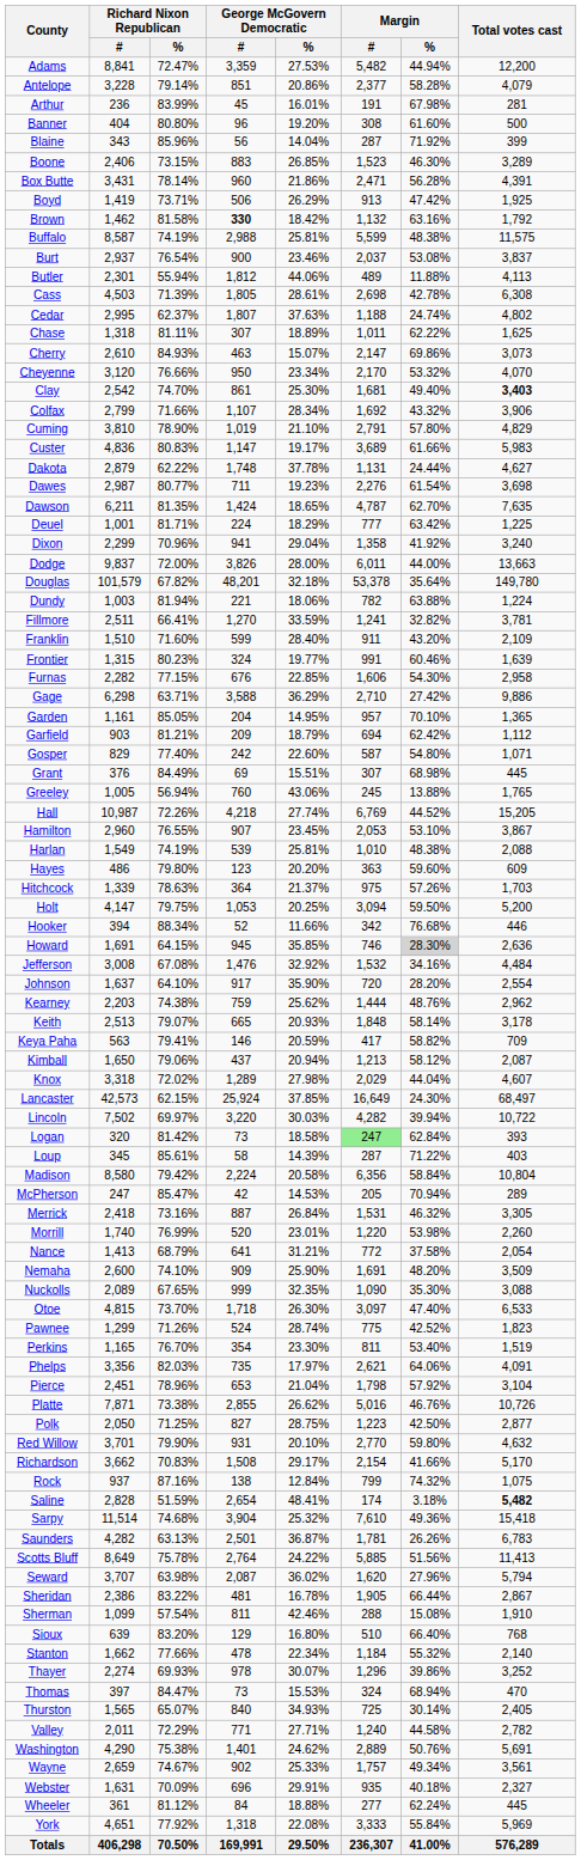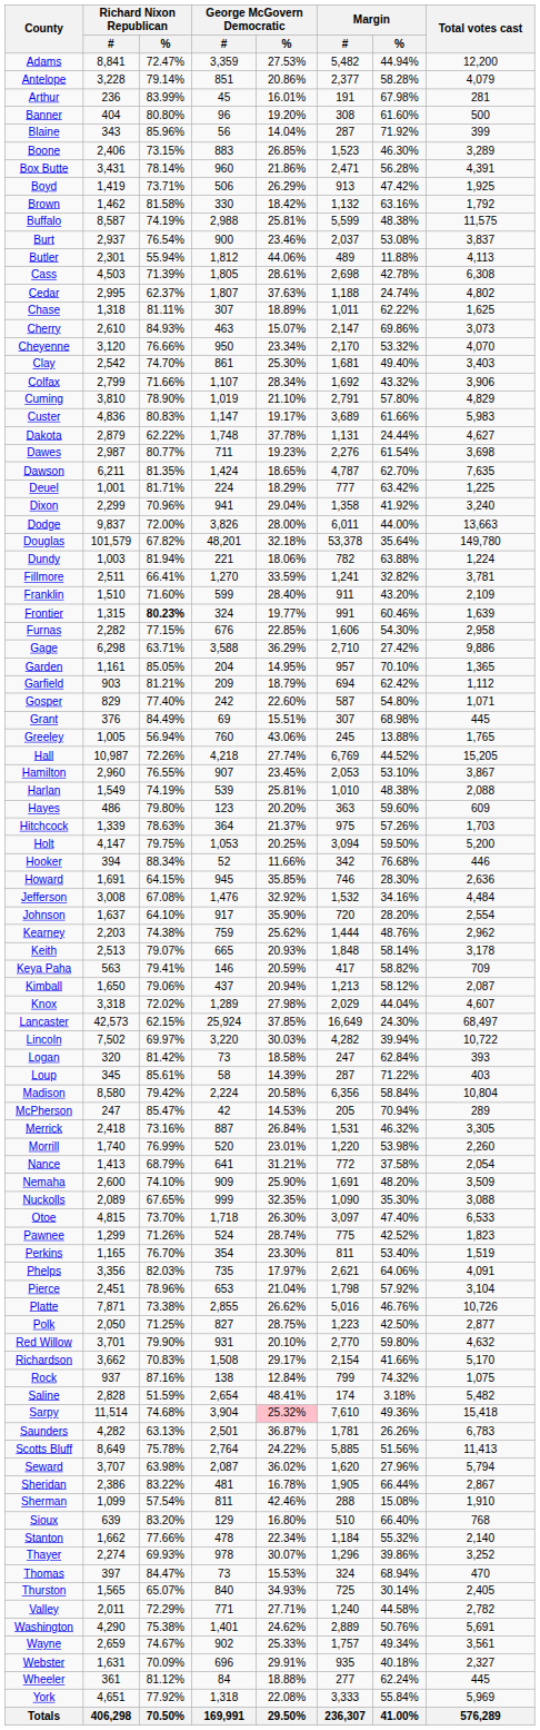 <table class="wikitable sortable" width="60%">
 <tr>
 <th rowspan="2">County</th>
 <th colspan="2">Richard Nixon<br>Republican</th>
 <th colspan="2">George McGovern<br>Democratic</th>
 <th colspan="2">Margin</th>
 <th rowspan="2">Total votes cast</th>
 </tr>
 <tr>
 <th data-sort-type="number">#</th>
 <th data-sort-type="number">%</th>
 <th data-sort-type="number">#</th>
 <th data-sort-type="number">%</th>
 <th data-sort-type="number">#</th>
 <th data-sort-type="number">%</th>
 </tr>
 <tr style="text-align:center;">
 <td><a href='#'>Adams</a></td>
 <td>8,841</td>
 <td>72.47%</td>
 <td>3,359</td>
 <td>27.53%</td>
 <td>5,482</td>
 <td>44.94%</td>
 <td>12,200</td>
 </tr>
 <tr style="text-align:center;">
 <td><a href='#'>Antelope</a></td>
 <td>3,228</td>
 <td>79.14%</td>
 <td>851</td>
 <td>20.86%</td>
 <td>2,377</td>
 <td>58.28%</td>
 <td>4,079</td>
 </tr>
 <tr style="text-align:center;">
 <td><a href='#'>Arthur</a></td>
 <td>236</td>
 <td>83.99%</td>
 <td>45</td>
 <td>16.01%</td>
 <td>191</td>
 <td>67.98%</td>
 <td>281</td>
 </tr>
 <tr style="text-align:center;">
 <td><a href='#'>Banner</a></td>
 <td>404</td>
 <td>80.80%</td>
 <td>96</td>
 <td>19.20%</td>
 <td>308</td>
 <td>61.60%</td>
 <td>500</td>
 </tr>
 <tr style="text-align:center;">
 <td><a href='#'>Blaine</a></td>
 <td>343</td>
 <td>85.96%</td>
 <td>56</td>
 <td>14.04%</td>
 <td>287</td>
 <td>71.92%</td>
 <td>399</td>
 </tr>
 <tr style="text-align:center;">
 <td><a href='#'>Boone</a></td>
 <td>2,406</td>
 <td>73.15%</td>
 <td>883</td>
 <td>26.85%</td>
 <td>1,523</td>
 <td>46.30%</td>
 <td>3,289</td>
 </tr>
 <tr style="text-align:center;">
 <td><a href='#'>Box Butte</a></td>
 <td>3,431</td>
 <td>78.14%</td>
 <td>960</td>
 <td>21.86%</td>
 <td>2,471</td>
 <td>56.28%</td>
 <td>4,391</td>
 </tr>
 <tr style="text-align:center;">
 <td><a href='#'>Boyd</a></td>
 <td>1,419</td>
 <td>73.71%</td>
 <td>506</td>
 <td>26.29%</td>
 <td>913</td>
 <td>47.42%</td>
 <td>1,925</td>
 </tr>
 <tr style="text-align:center;">
 <td><a href='#'>Brown</a></td>
 <td>1,462</td>
 <td>81.58%</td>
-<td><strong>330</strong></td>
+<td>330</td>
 <td>18.42%</td>
 <td>1,132</td>
 <td>63.16%</td>
 <td>1,792</td>
 </tr>
 <tr style="text-align:center;">
 <td><a href='#'>Buffalo</a></td>
 <td>8,587</td>
 <td>74.19%</td>
 <td>2,988</td>
 <td>25.81%</td>
 <td>5,599</td>
 <td>48.38%</td>
 <td>11,575</td>
 </tr>
 <tr style="text-align:center;">
 <td><a href='#'>Burt</a></td>
 <td>2,937</td>
 <td>76.54%</td>
 <td>900</td>
 <td>23.46%</td>
 <td>2,037</td>
 <td>53.08%</td>
 <td>3,837</td>
 </tr>
 <tr style="text-align:center;">
 <td><a href='#'>Butler</a></td>
 <td>2,301</td>
 <td>55.94%</td>
 <td>1,812</td>
 <td>44.06%</td>
 <td>489</td>
 <td>11.88%</td>
 <td>4,113</td>
 </tr>
 <tr style="text-align:center;">
 <td><a href='#'>Cass</a></td>
 <td>4,503</td>
 <td>71.39%</td>
 <td>1,805</td>
 <td>28.61%</td>
 <td>2,698</td>
 <td>42.78%</td>
 <td>6,308</td>
 </tr>
 <tr style="text-align:center;">
 <td><a href='#'>Cedar</a></td>
 <td>2,995</td>
 <td>62.37%</td>
 <td>1,807</td>
 <td>37.63%</td>
 <td>1,188</td>
 <td>24.74%</td>
 <td>4,802</td>
 </tr>
 <tr style="text-align:center;">
 <td><a href='#'>Chase</a></td>
 <td>1,318</td>
 <td>81.11%</td>
 <td>307</td>
 <td>18.89%</td>
 <td>1,011</td>
 <td>62.22%</td>
 <td>1,625</td>
 </tr>
 <tr style="text-align:center;">
 <td><a href='#'>Cherry</a></td>
 <td>2,610</td>
 <td>84.93%</td>
 <td>463</td>
 <td>15.07%</td>
 <td>2,147</td>
 <td>69.86%</td>
 <td>3,073</td>
 </tr>
 <tr style="text-align:center;">
 <td><a href='#'>Cheyenne</a></td>
 <td>3,120</td>
 <td>76.66%</td>
 <td>950</td>
 <td>23.34%</td>
 <td>2,170</td>
 <td>53.32%</td>
 <td>4,070</td>
 </tr>
 <tr style="text-align:center;">
 <td><a href='#'>Clay</a></td>
 <td>2,542</td>
 <td>74.70%</td>
 <td>861</td>
 <td>25.30%</td>
 <td>1,681</td>
 <td>49.40%</td>
-<td><strong>3,403</strong></td>
+<td>3,403</td>
 </tr>
 <tr style="text-align:center;">
 <td><a href='#'>Colfax</a></td>
 <td>2,799</td>
 <td>71.66%</td>
 <td>1,107</td>
 <td>28.34%</td>
 <td>1,692</td>
 <td>43.32%</td>
 <td>3,906</td>
 </tr>
 <tr style="text-align:center;">
 <td><a href='#'>Cuming</a></td>
 <td>3,810</td>
 <td>78.90%</td>
 <td>1,019</td>
 <td>21.10%</td>
 <td>2,791</td>
 <td>57.80%</td>
 <td>4,829</td>
 </tr>
 <tr style="text-align:center;">
 <td><a href='#'>Custer</a></td>
 <td>4,836</td>
 <td>80.83%</td>
 <td>1,147</td>
 <td>19.17%</td>
 <td>3,689</td>
 <td>61.66%</td>
 <td>5,983</td>
 </tr>
 <tr style="text-align:center;">
 <td><a href='#'>Dakota</a></td>
 <td>2,879</td>
 <td>62.22%</td>
 <td>1,748</td>
 <td>37.78%</td>
 <td>1,131</td>
 <td>24.44%</td>
 <td>4,627</td>
 </tr>
 <tr style="text-align:center;">
 <td><a href='#'>Dawes</a></td>
 <td>2,987</td>
 <td>80.77%</td>
 <td>711</td>
 <td>19.23%</td>
 <td>2,276</td>
 <td>61.54%</td>
 <td>3,698</td>
 </tr>
 <tr style="text-align:center;">
 <td><a href='#'>Dawson</a></td>
 <td>6,211</td>
 <td>81.35%</td>
 <td>1,424</td>
 <td>18.65%</td>
 <td>4,787</td>
 <td>62.70%</td>
 <td>7,635</td>
 </tr>
 <tr style="text-align:center;">
 <td><a href='#'>Deuel</a></td>
 <td>1,001</td>
 <td>81.71%</td>
 <td>224</td>
 <td>18.29%</td>
 <td>777</td>
 <td>63.42%</td>
 <td>1,225</td>
 </tr>
 <tr style="text-align:center;">
 <td><a href='#'>Dixon</a></td>
 <td>2,299</td>
 <td>70.96%</td>
 <td>941</td>
 <td>29.04%</td>
 <td>1,358</td>
 <td>41.92%</td>
 <td>3,240</td>
 </tr>
 <tr style="text-align:center;">
 <td><a href='#'>Dodge</a></td>
 <td>9,837</td>
 <td>72.00%</td>
 <td>3,826</td>
 <td>28.00%</td>
 <td>6,011</td>
 <td>44.00%</td>
 <td>13,663</td>
 </tr>
 <tr style="text-align:center;">
 <td><a href='#'>Douglas</a></td>
 <td>101,579</td>
 <td>67.82%</td>
 <td>48,201</td>
 <td>32.18%</td>
 <td>53,378</td>
 <td>35.64%</td>
 <td>149,780</td>
 </tr>
 <tr style="text-align:center;">
 <td><a href='#'>Dundy</a></td>
 <td>1,003</td>
 <td>81.94%</td>
 <td>221</td>
 <td>18.06%</td>
 <td>782</td>
 <td>63.88%</td>
 <td>1,224</td>
 </tr>
 <tr style="text-align:center;">
 <td><a href='#'>Fillmore</a></td>
 <td>2,511</td>
 <td>66.41%</td>
 <td>1,270</td>
 <td>33.59%</td>
 <td>1,241</td>
 <td>32.82%</td>
 <td>3,781</td>
 </tr>
 <tr style="text-align:center;">
 <td><a href='#'>Franklin</a></td>
 <td>1,510</td>
 <td>71.60%</td>
 <td>599</td>
 <td>28.40%</td>
 <td>911</td>
 <td>43.20%</td>
 <td>2,109</td>
 </tr>
 <tr style="text-align:center;">
 <td><a href='#'>Frontier</a></td>
 <td>1,315</td>
-<td>80.23%</td>
+<td><strong>80.23%</strong></td>
 <td>324</td>
 <td>19.77%</td>
 <td>991</td>
 <td>60.46%</td>
 <td>1,639</td>
 </tr>
 <tr style="text-align:center;">
 <td><a href='#'>Furnas</a></td>
 <td>2,282</td>
 <td>77.15%</td>
 <td>676</td>
 <td>22.85%</td>
 <td>1,606</td>
 <td>54.30%</td>
 <td>2,958</td>
 </tr>
 <tr style="text-align:center;">
 <td><a href='#'>Gage</a></td>
 <td>6,298</td>
 <td>63.71%</td>
 <td>3,588</td>
 <td>36.29%</td>
 <td>2,710</td>
 <td>27.42%</td>
 <td>9,886</td>
 </tr>
 <tr style="text-align:center;">
 <td><a href='#'>Garden</a></td>
 <td>1,161</td>
 <td>85.05%</td>
 <td>204</td>
 <td>14.95%</td>
 <td>957</td>
 <td>70.10%</td>
 <td>1,365</td>
 </tr>
 <tr style="text-align:center;">
 <td><a href='#'>Garfield</a></td>
 <td>903</td>
 <td>81.21%</td>
 <td>209</td>
 <td>18.79%</td>
 <td>694</td>
 <td>62.42%</td>
 <td>1,112</td>
 </tr>
 <tr style="text-align:center;">
 <td><a href='#'>Gosper</a></td>
 <td>829</td>
 <td>77.40%</td>
 <td>242</td>
 <td>22.60%</td>
 <td>587</td>
 <td>54.80%</td>
 <td>1,071</td>
 </tr>
 <tr style="text-align:center;">
 <td><a href='#'>Grant</a></td>
 <td>376</td>
 <td>84.49%</td>
 <td>69</td>
 <td>15.51%</td>
 <td>307</td>
 <td>68.98%</td>
 <td>445</td>
 </tr>
 <tr style="text-align:center;">
 <td><a href='#'>Greeley</a></td>
 <td>1,005</td>
 <td>56.94%</td>
 <td>760</td>
 <td>43.06%</td>
 <td>245</td>
 <td>13.88%</td>
 <td>1,765</td>
 </tr>
 <tr style="text-align:center;">
 <td><a href='#'>Hall</a></td>
 <td>10,987</td>
 <td>72.26%</td>
 <td>4,218</td>
 <td>27.74%</td>
 <td>6,769</td>
 <td>44.52%</td>
 <td>15,205</td>
 </tr>
 <tr style="text-align:center;">
 <td><a href='#'>Hamilton</a></td>
 <td>2,960</td>
 <td>76.55%</td>
 <td>907</td>
 <td>23.45%</td>
 <td>2,053</td>
 <td>53.10%</td>
 <td>3,867</td>
 </tr>
 <tr style="text-align:center;">
 <td><a href='#'>Harlan</a></td>
 <td>1,549</td>
 <td>74.19%</td>
 <td>539</td>
 <td>25.81%</td>
 <td>1,010</td>
 <td>48.38%</td>
 <td>2,088</td>
 </tr>
 <tr style="text-align:center;">
 <td><a href='#'>Hayes</a></td>
 <td>486</td>
 <td>79.80%</td>
 <td>123</td>
 <td>20.20%</td>
 <td>363</td>
 <td>59.60%</td>
 <td>609</td>
 </tr>
 <tr style="text-align:center;">
 <td><a href='#'>Hitchcock</a></td>
 <td>1,339</td>
 <td>78.63%</td>
 <td>364</td>
 <td>21.37%</td>
 <td>975</td>
 <td>57.26%</td>
 <td>1,703</td>
 </tr>
 <tr style="text-align:center;">
 <td><a href='#'>Holt</a></td>
 <td>4,147</td>
 <td>79.75%</td>
 <td>1,053</td>
 <td>20.25%</td>
 <td>3,094</td>
 <td>59.50%</td>
 <td>5,200</td>
 </tr>
 <tr style="text-align:center;">
 <td><a href='#'>Hooker</a></td>
 <td>394</td>
 <td>88.34%</td>
 <td>52</td>
 <td>11.66%</td>
 <td>342</td>
 <td>76.68%</td>
 <td>446</td>
 </tr>
 <tr style="text-align:center;">
 <td><a href='#'>Howard</a></td>
 <td>1,691</td>
 <td>64.15%</td>
 <td>945</td>
 <td>35.85%</td>
 <td>746</td>
-<td style="background: lightgrey;">28.30%</td>
+<td>28.30%</td>
 <td>2,636</td>
 </tr>
 <tr style="text-align:center;">
 <td><a href='#'>Jefferson</a></td>
 <td>3,008</td>
 <td>67.08%</td>
 <td>1,476</td>
 <td>32.92%</td>
 <td>1,532</td>
 <td>34.16%</td>
 <td>4,484</td>
 </tr>
 <tr style="text-align:center;">
 <td><a href='#'>Johnson</a></td>
 <td>1,637</td>
 <td>64.10%</td>
 <td>917</td>
 <td>35.90%</td>
 <td>720</td>
 <td>28.20%</td>
 <td>2,554</td>
 </tr>
 <tr style="text-align:center;">
 <td><a href='#'>Kearney</a></td>
 <td>2,203</td>
 <td>74.38%</td>
 <td>759</td>
 <td>25.62%</td>
 <td>1,444</td>
 <td>48.76%</td>
 <td>2,962</td>
 </tr>
 <tr style="text-align:center;">
 <td><a href='#'>Keith</a></td>
 <td>2,513</td>
 <td>79.07%</td>
 <td>665</td>
 <td>20.93%</td>
 <td>1,848</td>
 <td>58.14%</td>
 <td>3,178</td>
 </tr>
 <tr style="text-align:center;">
 <td><a href='#'>Keya Paha</a></td>
 <td>563</td>
 <td>79.41%</td>
 <td>146</td>
 <td>20.59%</td>
 <td>417</td>
 <td>58.82%</td>
 <td>709</td>
 </tr>
 <tr style="text-align:center;">
 <td><a href='#'>Kimball</a></td>
 <td>1,650</td>
 <td>79.06%</td>
 <td>437</td>
 <td>20.94%</td>
 <td>1,213</td>
 <td>58.12%</td>
 <td>2,087</td>
 </tr>
 <tr style="text-align:center;">
 <td><a href='#'>Knox</a></td>
 <td>3,318</td>
 <td>72.02%</td>
 <td>1,289</td>
 <td>27.98%</td>
 <td>2,029</td>
 <td>44.04%</td>
 <td>4,607</td>
 </tr>
 <tr style="text-align:center;">
 <td><a href='#'>Lancaster</a></td>
 <td>42,573</td>
 <td>62.15%</td>
 <td>25,924</td>
 <td>37.85%</td>
 <td>16,649</td>
 <td>24.30%</td>
 <td>68,497</td>
 </tr>
 <tr style="text-align:center;">
 <td><a href='#'>Lincoln</a></td>
 <td>7,502</td>
 <td>69.97%</td>
 <td>3,220</td>
 <td>30.03%</td>
 <td>4,282</td>
 <td>39.94%</td>
 <td>10,722</td>
 </tr>
 <tr style="text-align:center;">
 <td><a href='#'>Logan</a></td>
 <td>320</td>
 <td>81.42%</td>
 <td>73</td>
 <td>18.58%</td>
-<td style="background: lightgreen;">247</td>
+<td>247</td>
 <td>62.84%</td>
 <td>393</td>
 </tr>
 <tr style="text-align:center;">
 <td><a href='#'>Loup</a></td>
 <td>345</td>
 <td>85.61%</td>
 <td>58</td>
 <td>14.39%</td>
 <td>287</td>
 <td>71.22%</td>
 <td>403</td>
 </tr>
 <tr style="text-align:center;">
 <td><a href='#'>Madison</a></td>
 <td>8,580</td>
 <td>79.42%</td>
 <td>2,224</td>
 <td>20.58%</td>
 <td>6,356</td>
 <td>58.84%</td>
 <td>10,804</td>
 </tr>
 <tr style="text-align:center;">
 <td><a href='#'>McPherson</a></td>
 <td>247</td>
 <td>85.47%</td>
 <td>42</td>
 <td>14.53%</td>
 <td>205</td>
 <td>70.94%</td>
 <td>289</td>
 </tr>
 <tr style="text-align:center;">
 <td><a href='#'>Merrick</a></td>
 <td>2,418</td>
 <td>73.16%</td>
 <td>887</td>
 <td>26.84%</td>
 <td>1,531</td>
 <td>46.32%</td>
 <td>3,305</td>
 </tr>
 <tr style="text-align:center;">
 <td><a href='#'>Morrill</a></td>
 <td>1,740</td>
 <td>76.99%</td>
 <td>520</td>
 <td>23.01%</td>
 <td>1,220</td>
 <td>53.98%</td>
 <td>2,260</td>
 </tr>
 <tr style="text-align:center;">
 <td><a href='#'>Nance</a></td>
 <td>1,413</td>
 <td>68.79%</td>
 <td>641</td>
 <td>31.21%</td>
 <td>772</td>
 <td>37.58%</td>
 <td>2,054</td>
 </tr>
 <tr style="text-align:center;">
 <td><a href='#'>Nemaha</a></td>
 <td>2,600</td>
 <td>74.10%</td>
 <td>909</td>
 <td>25.90%</td>
 <td>1,691</td>
 <td>48.20%</td>
 <td>3,509</td>
 </tr>
 <tr style="text-align:center;">
 <td><a href='#'>Nuckolls</a></td>
 <td>2,089</td>
 <td>67.65%</td>
 <td>999</td>
 <td>32.35%</td>
 <td>1,090</td>
 <td>35.30%</td>
 <td>3,088</td>
 </tr>
 <tr style="text-align:center;">
 <td><a href='#'>Otoe</a></td>
 <td>4,815</td>
 <td>73.70%</td>
 <td>1,718</td>
 <td>26.30%</td>
 <td>3,097</td>
 <td>47.40%</td>
 <td>6,533</td>
 </tr>
 <tr style="text-align:center;">
 <td><a href='#'>Pawnee</a></td>
 <td>1,299</td>
 <td>71.26%</td>
 <td>524</td>
 <td>28.74%</td>
 <td>775</td>
 <td>42.52%</td>
 <td>1,823</td>
 </tr>
 <tr style="text-align:center;">
 <td><a href='#'>Perkins</a></td>
 <td>1,165</td>
 <td>76.70%</td>
 <td>354</td>
 <td>23.30%</td>
 <td>811</td>
 <td>53.40%</td>
 <td>1,519</td>
 </tr>
 <tr style="text-align:center;">
 <td><a href='#'>Phelps</a></td>
 <td>3,356</td>
 <td>82.03%</td>
 <td>735</td>
 <td>17.97%</td>
 <td>2,621</td>
 <td>64.06%</td>
 <td>4,091</td>
 </tr>
 <tr style="text-align:center;">
 <td><a href='#'>Pierce</a></td>
 <td>2,451</td>
 <td>78.96%</td>
 <td>653</td>
 <td>21.04%</td>
 <td>1,798</td>
 <td>57.92%</td>
 <td>3,104</td>
 </tr>
 <tr style="text-align:center;">
 <td><a href='#'>Platte</a></td>
 <td>7,871</td>
 <td>73.38%</td>
 <td>2,855</td>
 <td>26.62%</td>
 <td>5,016</td>
 <td>46.76%</td>
 <td>10,726</td>
 </tr>
 <tr style="text-align:center;">
 <td><a href='#'>Polk</a></td>
 <td>2,050</td>
 <td>71.25%</td>
 <td>827</td>
 <td>28.75%</td>
 <td>1,223</td>
 <td>42.50%</td>
 <td>2,877</td>
 </tr>
 <tr style="text-align:center;">
 <td><a href='#'>Red Willow</a></td>
 <td>3,701</td>
 <td>79.90%</td>
 <td>931</td>
 <td>20.10%</td>
 <td>2,770</td>
 <td>59.80%</td>
 <td>4,632</td>
 </tr>
 <tr style="text-align:center;">
 <td><a href='#'>Richardson</a></td>
 <td>3,662</td>
 <td>70.83%</td>
 <td>1,508</td>
 <td>29.17%</td>
 <td>2,154</td>
 <td>41.66%</td>
 <td>5,170</td>
 </tr>
 <tr style="text-align:center;">
 <td><a href='#'>Rock</a></td>
 <td>937</td>
 <td>87.16%</td>
 <td>138</td>
 <td>12.84%</td>
 <td>799</td>
 <td>74.32%</td>
 <td>1,075</td>
 </tr>
 <tr style="text-align:center;">
 <td><a href='#'>Saline</a></td>
 <td>2,828</td>
 <td>51.59%</td>
 <td>2,654</td>
 <td>48.41%</td>
 <td>174</td>
 <td>3.18%</td>
-<td><strong>5,482</strong></td>
+<td>5,482</td>
 </tr>
 <tr style="text-align:center;">
 <td><a href='#'>Sarpy</a></td>
 <td>11,514</td>
 <td>74.68%</td>
 <td>3,904</td>
-<td>25.32%</td>
+<td style="background: pink;">25.32%</td>
 <td>7,610</td>
 <td>49.36%</td>
 <td>15,418</td>
 </tr>
 <tr style="text-align:center;">
 <td><a href='#'>Saunders</a></td>
 <td>4,282</td>
 <td>63.13%</td>
 <td>2,501</td>
 <td>36.87%</td>
 <td>1,781</td>
 <td>26.26%</td>
 <td>6,783</td>
 </tr>
 <tr style="text-align:center;">
 <td><a href='#'>Scotts Bluff</a></td>
 <td>8,649</td>
 <td>75.78%</td>
 <td>2,764</td>
 <td>24.22%</td>
 <td>5,885</td>
 <td>51.56%</td>
 <td>11,413</td>
 </tr>
 <tr style="text-align:center;">
 <td><a href='#'>Seward</a></td>
 <td>3,707</td>
 <td>63.98%</td>
 <td>2,087</td>
 <td>36.02%</td>
 <td>1,620</td>
 <td>27.96%</td>
 <td>5,794</td>
 </tr>
 <tr style="text-align:center;">
 <td><a href='#'>Sheridan</a></td>
 <td>2,386</td>
 <td>83.22%</td>
 <td>481</td>
 <td>16.78%</td>
 <td>1,905</td>
 <td>66.44%</td>
 <td>2,867</td>
 </tr>
 <tr style="text-align:center;">
 <td><a href='#'>Sherman</a></td>
 <td>1,099</td>
 <td>57.54%</td>
 <td>811</td>
 <td>42.46%</td>
 <td>288</td>
 <td>15.08%</td>
 <td>1,910</td>
 </tr>
 <tr style="text-align:center;">
 <td><a href='#'>Sioux</a></td>
 <td>639</td>
 <td>83.20%</td>
 <td>129</td>
 <td>16.80%</td>
 <td>510</td>
 <td>66.40%</td>
 <td>768</td>
 </tr>
 <tr style="text-align:center;">
 <td><a href='#'>Stanton</a></td>
 <td>1,662</td>
 <td>77.66%</td>
 <td>478</td>
 <td>22.34%</td>
 <td>1,184</td>
 <td>55.32%</td>
 <td>2,140</td>
 </tr>
 <tr style="text-align:center;">
 <td><a href='#'>Thayer</a></td>
 <td>2,274</td>
 <td>69.93%</td>
 <td>978</td>
 <td>30.07%</td>
 <td>1,296</td>
 <td>39.86%</td>
 <td>3,252</td>
 </tr>
 <tr style="text-align:center;">
 <td><a href='#'>Thomas</a></td>
 <td>397</td>
 <td>84.47%</td>
 <td>73</td>
 <td>15.53%</td>
 <td>324</td>
 <td>68.94%</td>
 <td>470</td>
 </tr>
 <tr style="text-align:center;">
 <td><a href='#'>Thurston</a></td>
 <td>1,565</td>
 <td>65.07%</td>
 <td>840</td>
 <td>34.93%</td>
 <td>725</td>
 <td>30.14%</td>
 <td>2,405</td>
 </tr>
 <tr style="text-align:center;">
 <td><a href='#'>Valley</a></td>
 <td>2,011</td>
 <td>72.29%</td>
 <td>771</td>
 <td>27.71%</td>
 <td>1,240</td>
 <td>44.58%</td>
 <td>2,782</td>
 </tr>
 <tr style="text-align:center;">
 <td><a href='#'>Washington</a></td>
 <td>4,290</td>
 <td>75.38%</td>
 <td>1,401</td>
 <td>24.62%</td>
 <td>2,889</td>
 <td>50.76%</td>
 <td>5,691</td>
 </tr>
 <tr style="text-align:center;">
 <td><a href='#'>Wayne</a></td>
 <td>2,659</td>
 <td>74.67%</td>
 <td>902</td>
 <td>25.33%</td>
 <td>1,757</td>
 <td>49.34%</td>
 <td>3,561</td>
 </tr>
 <tr style="text-align:center;">
 <td><a href='#'>Webster</a></td>
 <td>1,631</td>
 <td>70.09%</td>
 <td>696</td>
 <td>29.91%</td>
 <td>935</td>
 <td>40.18%</td>
 <td>2,327</td>
 </tr>
 <tr style="text-align:center;">
 <td><a href='#'>Wheeler</a></td>
 <td>361</td>
 <td>81.12%</td>
 <td>84</td>
 <td>18.88%</td>
 <td>277</td>
 <td>62.24%</td>
 <td>445</td>
 </tr>
 <tr style="text-align:center;">
 <td><a href='#'>York</a></td>
 <td>4,651</td>
 <td>77.92%</td>
 <td>1,318</td>
 <td>22.08%</td>
 <td>3,333</td>
 <td>55.84%</td>
 <td>5,969</td>
 </tr>
 <tr style="text-align:center;">
 <th>Totals</th>
 <th>406,298</th>
 <th>70.50%</th>
 <th>169,991</th>
 <th>29.50%</th>
 <th>236,307</th>
 <th>41.00%</th>
 <th>576,289</th>
 </tr>
 </table>
